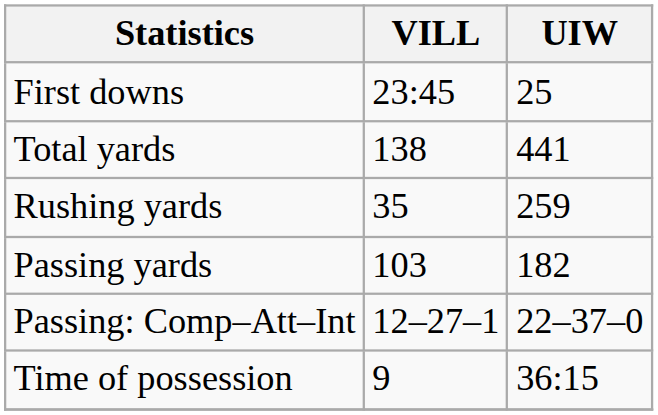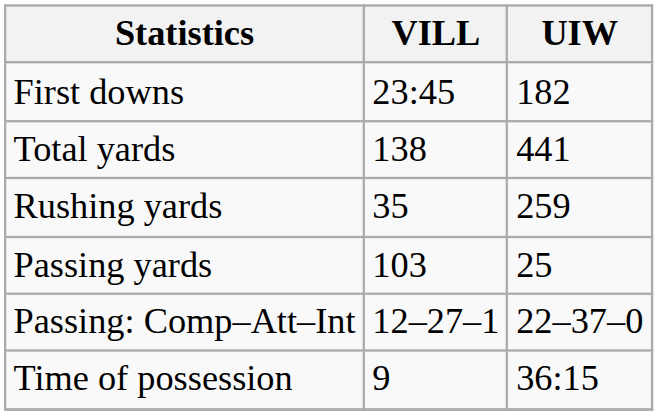 <table class="wikitable" style="float: left;">
 <tr>
 <th>Statistics</th>
 <th>VILL</th>
 <th>UIW</th>
 </tr>
 <tr>
 <td>First downs</td>
 <td>23:45</td>
-<td>25</td>
+<td>182</td>
 </tr>
 <tr>
 <td>Total yards</td>
 <td>138</td>
 <td>441</td>
 </tr>
 <tr>
 <td>Rushing yards</td>
 <td>35</td>
 <td>259</td>
 </tr>
 <tr>
 <td>Passing yards</td>
 <td>103</td>
-<td>182</td>
+<td>25</td>
 </tr>
 <tr>
 <td>Passing: Comp–Att–Int</td>
 <td>12–27–1</td>
 <td>22–37–0</td>
 </tr>
 <tr>
 <td>Time of possession</td>
 <td>9</td>
 <td>36:15</td>
 </tr>
 <tr>
 </tr>
 </table>
